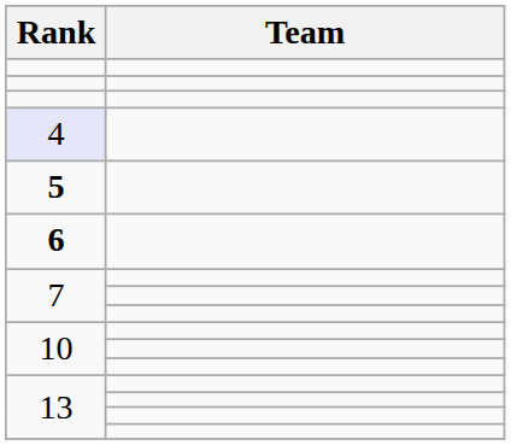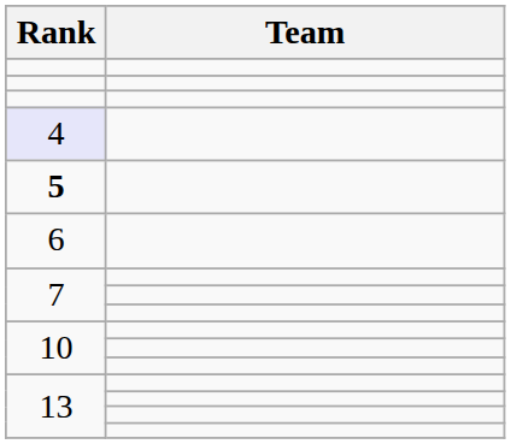 <table class="wikitable" style="text-align: center;">
 <tr>
 <th width=40>Rank</th>
 <th width=180>Team</th>
 </tr>
 <tr align=center>
 <td></td>
 <td style="text-align:left;"></td>
 </tr>
 <tr align=center>
 <td></td>
 <td style="text-align:left;"></td>
 </tr>
 <tr align=center>
 <td></td>
 <td style="text-align:left;"></td>
 </tr>
 <tr align=center>
 <td style="background: lavender;">4</td>
 <td style="text-align:left;"></td>
 </tr>
 <tr align=center>
 <td><strong>5</strong></td>
 <td style="text-align:left;"></td>
 </tr>
 <tr align=center>
-<td><strong>6</strong></td>
+<td>6</td>
 <td style="text-align:left;"></td>
 </tr>
 <tr align=center>
 <td rowspan=3>7</td>
 <td style="text-align:left;"></td>
 </tr>
 <tr align=center>
 <td style="text-align:left;"></td>
 </tr>
 <tr align=center>
 <td style="text-align:left;"></td>
 </tr>
 <tr align=center>
 <td rowspan=3>10</td>
 <td style="text-align:left;"></td>
 </tr>
 <tr align=center>
 <td style="text-align:left;"></td>
 </tr>
 <tr align=center>
 <td style="text-align:left;"></td>
 </tr>
 <tr align=center>
 <td rowspan=4>13</td>
 <td style="text-align:left;"></td>
 </tr>
 <tr align=center>
 <td style="text-align:left;"></td>
 </tr>
 <tr align=center>
 <td style="text-align:left;"></td>
 </tr>
 <tr align=center>
 <td style="text-align:left;"></td>
 </tr>
 </table>
